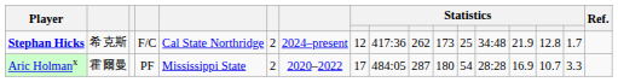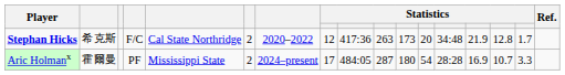 <table class="wikitable sortable" style="font-size:95%; text-align:right;">
 <tr>
 <th rowspan="2">Player</th>
 <th rowspan="2"></th>
 <th rowspan="2"></th>
 <th rowspan="2"></th>
 <th rowspan="2"></th>
 <th rowspan="2"></th>
 <th rowspan="2"></th>
 <th colspan="9">Statistics</th>
 <th rowspan="2">Ref.</th>
 </tr>
 <tr>
 <th></th>
 <th></th>
 <th></th>
 <th></th>
 <th></th>
 <th></th>
 <th></th>
 <th></th>
 <th></th>
 </tr>
 <tr>
 <td align="left"><strong><a href='#'>Stephan Hicks</a></strong></td>
 <td align="left">希克斯</td>
 <td align="center"></td>
 <td align="center">F/C</td>
 <td align="left"><a href='#'>Cal State Northridge</a></td>
 <td align="center">2</td>
-<td align="center"><a href='#'>2024–present</a></td>
+<td align="center"><a href='#'>2020</a>–<a href='#'>2022</a></td>
 <td>12</td>
 <td>417:36</td>
-<td>262</td>
+<td>263</td>
 <td>173</td>
-<td>25</td>
+<td>20</td>
 <td>34:48</td>
 <td>21.9</td>
 <td>12.8</td>
 <td>1.7</td>
 <td align="center"></td>
 </tr>
 <tr>
 <td align="left" bgcolor="#CCFFCC"><a href='#'>Aric Holman</a><sup>x</sup></td>
 <td align="left">霍爾曼</td>
 <td align="center"></td>
 <td align="center">PF</td>
 <td align="left"><a href='#'>Mississippi State</a></td>
 <td align="center">2</td>
-<td align="center"><a href='#'>2020</a>–<a href='#'>2022</a></td>
+<td align="center"><a href='#'>2024–present</a></td>
 <td>17</td>
 <td>484:05</td>
 <td>287</td>
 <td>180</td>
 <td>54</td>
 <td>28:28</td>
 <td>16.9</td>
 <td>10.7</td>
 <td>3.3</td>
 <td align="center"></td>
 </tr>
 </table>
